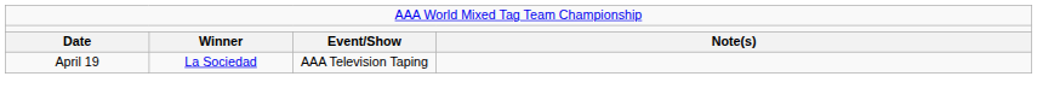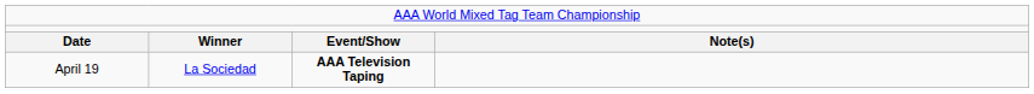 <table class="wikitable" style="text-align:center; width:100%;">
 <tr>
 <td colspan="5"><a href='#'>AAA World Mixed Tag Team Championship</a></td>
 </tr>
 <tr>
 <td colspan="5"><strong></strong></td>
 </tr>
 <tr>
 <th width="14%">Date</th>
 <th width="14%">Winner</th>
 <th width="14%">Event/Show</th>
 <th width="58%">Note(s)</th>
 </tr>
 <tr>
 <td>April 19</td>
 <td><a href='#'>La Sociedad</a><br></td>
-<td>AAA Television Taping</td>
+<td><strong>AAA Television Taping</strong></td>
 <td align="left"></td>
 </tr>
 </table>
